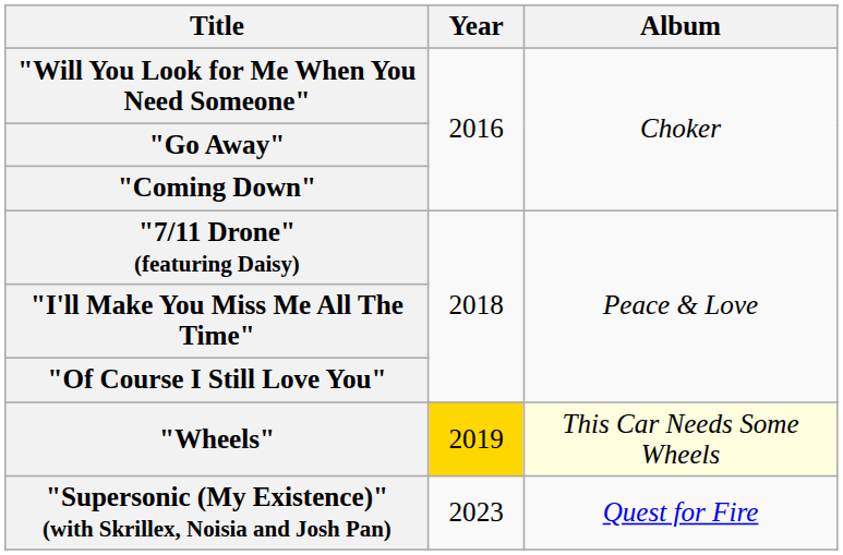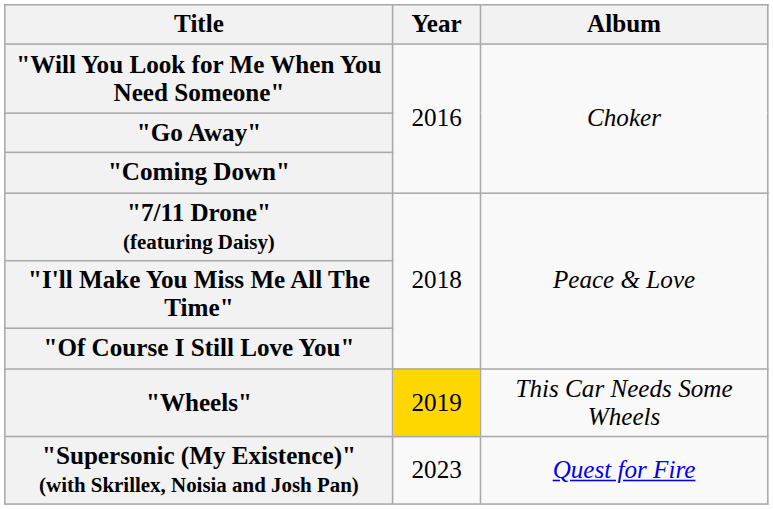 <table class="wikitable plainrowheaders" style="text-align:center;" border="1">
 <tr>
 <th scope="col" style="width:15em;">Title</th>
 <th scope="col" style="width:3em;">Year</th>
 <th scope="col" style="width:11em;">Album</th>
 </tr>
 <tr>
 <th scope="row">"Will You Look for Me When You Need Someone"</th>
 <td rowspan="3">2016</td>
 <td rowspan="3"><em>Choker</em></td>
 </tr>
 <tr>
 <th scope="row">"Go Away"</th>
 </tr>
 <tr>
 <th scope="row">"Coming Down"</th>
 </tr>
 <tr>
 <th scope="row">"7/11 Drone"<br><small>(featuring Daisy)</small></th>
 <td rowspan="3">2018</td>
 <td rowspan="3"><em>Peace & Love</em></td>
 </tr>
 <tr>
 <th scope="row">"I'll Make You Miss Me All The Time"</th>
 </tr>
 <tr>
 <th scope="row">"Of Course I Still Love You"</th>
 </tr>
 <tr>
 <th scope="row">"Wheels"</th>
 <td style="background: gold;">2019</td>
-<td style="background: lightyellow;"><em>This Car Needs Some Wheels</em></td>
+<td><em>This Car Needs Some Wheels</em></td>
 </tr>
 <tr>
 <th scope="row">"Supersonic (My Existence)" <br><small>(with Skrillex, Noisia and Josh Pan)</small></th>
 <td>2023</td>
 <td><em><a href='#'>Quest for Fire</a></em></td>
 </tr>
 </table>
